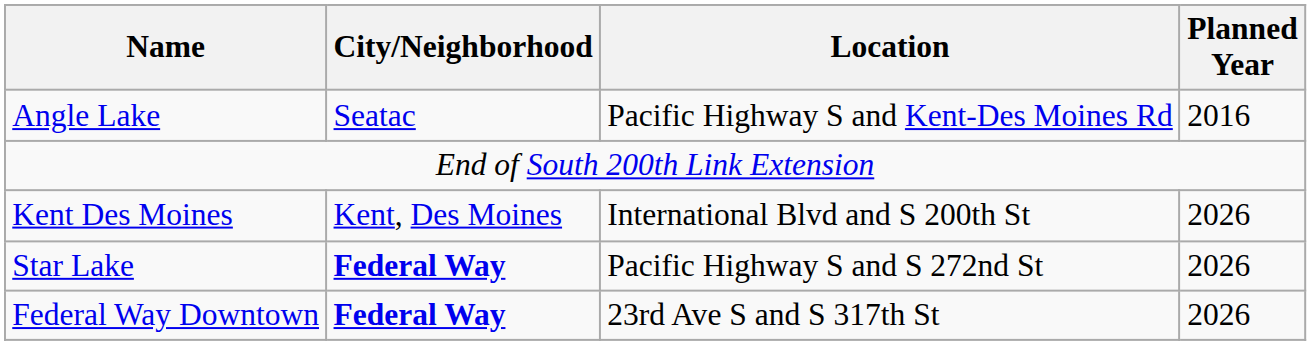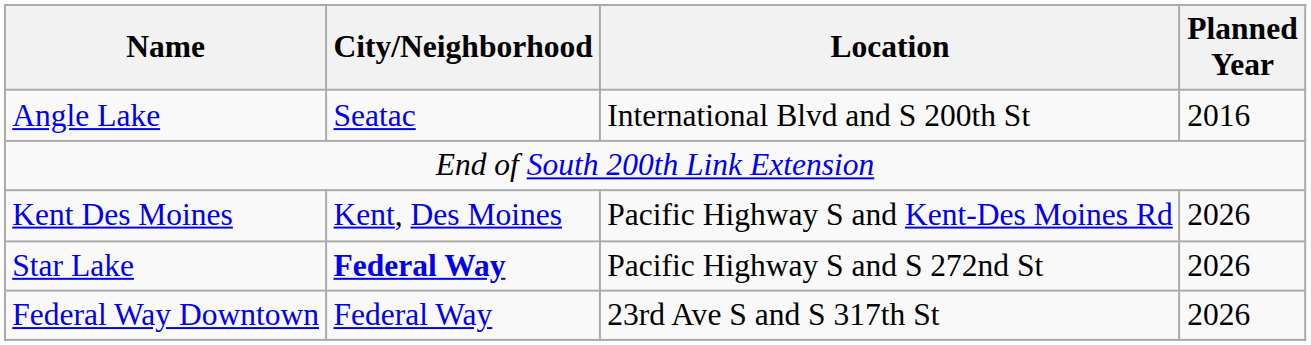 <table class="wikitable">
 <tr>
 <th>Name</th>
 <th>City/Neighborhood</th>
 <th>Location</th>
 <th>Planned<br>Year</th>
 </tr>
 <tr>
 <td><a href='#'>Angle Lake</a></td>
 <td><a href='#'>Seatac</a></td>
-<td>Pacific Highway S and <a href='#'>Kent-Des Moines Rd</a></td>
+<td>International Blvd and S 200th St</td>
 <td>2016</td>
 </tr>
 <tr>
 <td align=center colspan="6"><em>End of <a href='#'>South 200th Link Extension</a></em></td>
 </tr>
 <tr>
 <td><a href='#'>Kent Des Moines</a></td>
 <td><a href='#'>Kent</a>, <a href='#'>Des Moines</a></td>
-<td>International Blvd and S 200th St</td>
+<td>Pacific Highway S and <a href='#'>Kent-Des Moines Rd</a></td>
 <td>2026</td>
 </tr>
 <tr>
 <td><a href='#'>Star Lake</a></td>
 <td><strong><a href='#'>Federal Way</a></strong></td>
 <td>Pacific Highway S and S 272nd St</td>
 <td>2026</td>
 </tr>
 <tr>
 <td><a href='#'>Federal Way Downtown</a></td>
-<td><strong><a href='#'>Federal Way</a></strong></td>
+<td><a href='#'>Federal Way</a></td>
 <td>23rd Ave S and S 317th St</td>
 <td>2026</td>
 </tr>
 </table>
